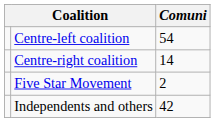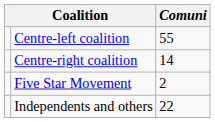 <table class="wikitable">
 <tr>
 <th colspan=2>Coalition</th>
 <th><em>Comuni</em></th>
 </tr>
 <tr>
 <td style="color:inherit;background:"></td>
 <td><a href='#'>Centre-left coalition</a></td>
-<td>54</td>
+<td>55</td>
 </tr>
 <tr>
 <td style="color:inherit;background:"></td>
 <td><a href='#'>Centre-right coalition</a></td>
 <td>14</td>
 </tr>
 <tr>
 <td style="color:inherit;background:"></td>
 <td><a href='#'>Five Star Movement</a></td>
 <td>2</td>
 </tr>
 <tr>
 <td style="color:inherit;background:"></td>
 <td>Independents and others</td>
-<td>42</td>
+<td>22</td>
 </tr>
 </table>
